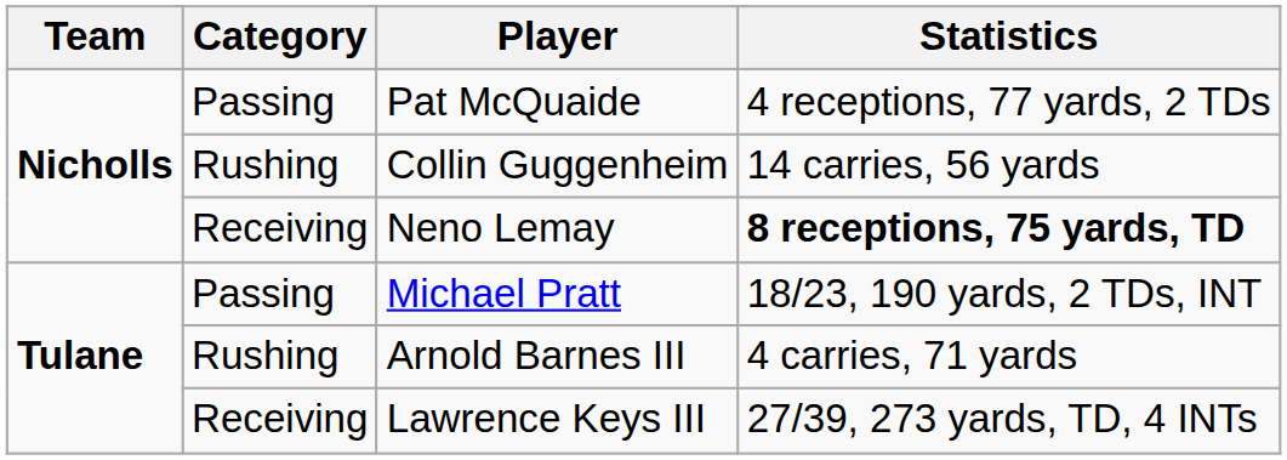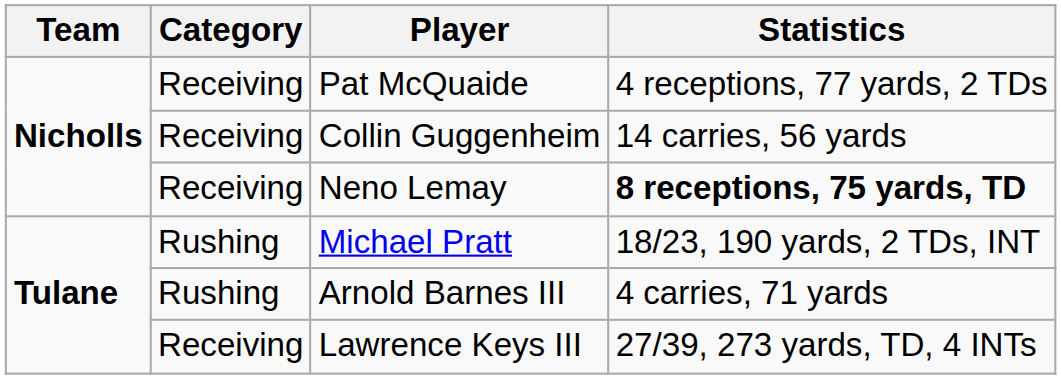 <table class="wikitable" style="float: right;">
 <tr>
 <th>Team</th>
 <th>Category</th>
 <th>Player</th>
 <th>Statistics</th>
 </tr>
 <tr>
 <td rowspan=3><strong>Nicholls</strong></td>
-<td>Passing</td>
+<td>Receiving</td>
 <td>Pat McQuaide</td>
 <td>4 receptions, 77 yards, 2 TDs</td>
 </tr>
 <tr>
-<td>Rushing</td>
+<td>Receiving</td>
 <td>Collin Guggenheim</td>
 <td>14 carries, 56 yards</td>
 </tr>
 <tr>
 <td>Receiving</td>
 <td>Neno Lemay</td>
 <td><strong>8 receptions, 75 yards, TD</strong></td>
 </tr>
 <tr>
 <td rowspan=3><strong>Tulane</strong></td>
-<td>Passing</td>
+<td>Rushing</td>
 <td><a href='#'>Michael Pratt</a></td>
 <td>18/23, 190 yards, 2 TDs, INT</td>
 </tr>
 <tr>
 <td>Rushing</td>
 <td>Arnold Barnes III</td>
 <td>4 carries, 71 yards</td>
 </tr>
 <tr>
 <td>Receiving</td>
 <td>Lawrence Keys III</td>
 <td>27/39, 273 yards, TD, 4 INTs</td>
 </tr>
 </table>
